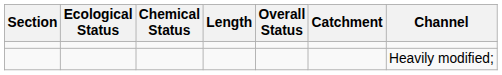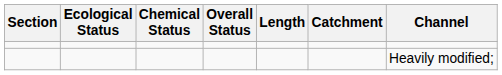 <table class="wikitable">
 <tr>
 <th>Section</th>
 <th>Ecological<br>Status</th>
 <th>Chemical<br>Status</th>
+<th>Overall<br>Status</th>
 <th>Length</th>
-<th>Overall<br>Status</th>
 <th>Catchment</th>
 <th>Channel</th>
 </tr>
 <tr>
 <td></td>
 <td></td>
 <td></td>
 <td></td>
 <td></td>
 <td></td>
 <td></td>
 </tr>
 <tr>
 <td></td>
 <td></td>
 <td></td>
 <td></td>
 <td></td>
 <td></td>
 <td>Heavily modified;</td>
 </tr>
 </table>
